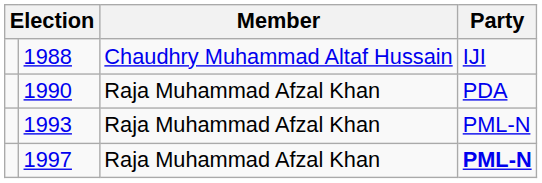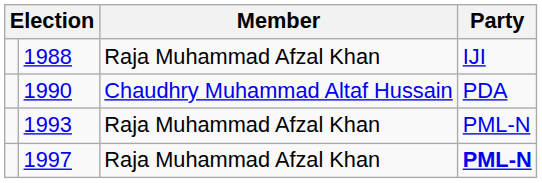 <table class="wikitable">
 <tr>
 <th colspan="2">Election</th>
 <th>Member</th>
 <th>Party</th>
 </tr>
 <tr>
 <td style="background-color: "></td>
 <td><a href='#'>1988</a></td>
-<td><a href='#'>Chaudhry Muhammad Altaf Hussain</a></td>
+<td>Raja Muhammad Afzal Khan</td>
 <td><a href='#'>IJI</a></td>
 </tr>
 <tr>
 <td style="background-color: "></td>
 <td><a href='#'>1990</a></td>
-<td>Raja Muhammad Afzal Khan</td>
+<td><a href='#'>Chaudhry Muhammad Altaf Hussain</a></td>
 <td><a href='#'>PDA</a></td>
 </tr>
 <tr>
 <td style="background-color: "></td>
 <td><a href='#'>1993</a></td>
 <td>Raja Muhammad Afzal Khan</td>
 <td><a href='#'>PML-N</a></td>
 </tr>
 <tr>
 <td style="background-color: "></td>
 <td><a href='#'>1997</a></td>
 <td>Raja Muhammad Afzal Khan</td>
 <td><strong><a href='#'>PML-N</a></strong></td>
 </tr>
 </table>
